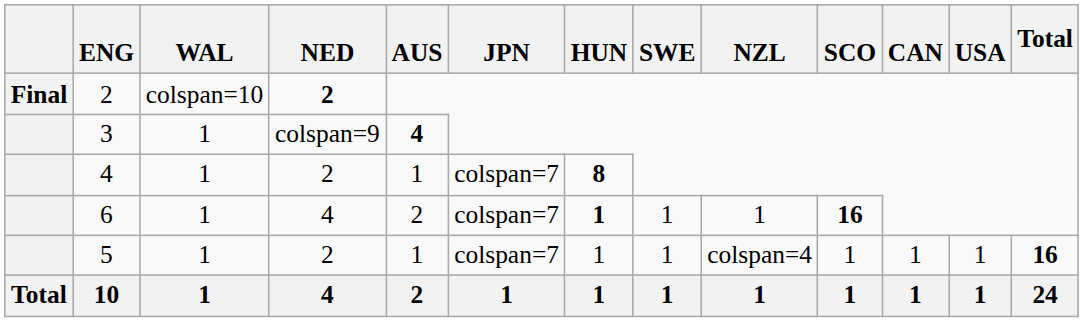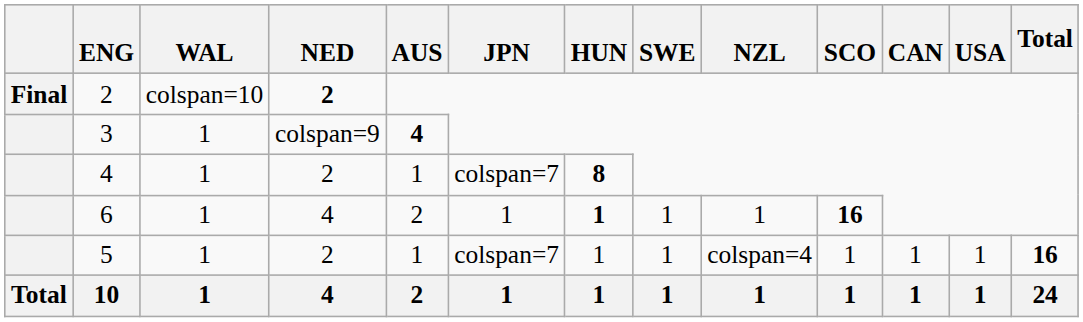 <table class="wikitable">
 <tr>
 <th></th>
 <th><br>ENG</th>
 <th><br>WAL</th>
 <th><br>NED</th>
 <th><br>AUS</th>
 <th><br>JPN</th>
 <th><br>HUN</th>
 <th><br>SWE</th>
 <th><br>NZL</th>
 <th><br>SCO</th>
 <th><br>CAN</th>
 <th><br>USA</th>
 <th>Total</th>
 </tr>
 <tr align="center">
 <th>Final</th>
 <td>2</td>
 <td>colspan=10 </td>
 <td><strong>2</strong></td>
 </tr>
 <tr align="center">
 <th></th>
 <td>3</td>
 <td>1</td>
 <td>colspan=9 </td>
 <td><strong>4</strong></td>
 </tr>
 <tr align="center">
 <th></th>
 <td>4</td>
 <td>1</td>
 <td>2</td>
 <td>1</td>
 <td>colspan=7 </td>
 <td><strong>8</strong></td>
 </tr>
 <tr align="center">
 <th></th>
 <td>6</td>
 <td>1</td>
 <td>4</td>
 <td>2</td>
-<td>colspan=7 </td>
+<td>1</td>
 <td><strong>1</strong></td>
 <td>1</td>
 <td>1</td>
 <td><strong>16</strong></td>
 </tr>
 <tr align="center">
 <th></th>
 <td>5</td>
 <td>1</td>
 <td>2</td>
 <td>1</td>
 <td>colspan=7 </td>
 <td>1</td>
 <td>1</td>
 <td>colspan=4 </td>
 <td>1</td>
 <td>1</td>
 <td>1</td>
 <td><strong>16</strong></td>
 </tr>
 <tr align="center">
 <th>Total</th>
 <th>10</th>
 <th>1</th>
 <th>4</th>
 <th>2</th>
 <th>1</th>
 <th>1</th>
 <th>1</th>
 <th>1</th>
 <th>1</th>
 <th>1</th>
 <th>1</th>
 <th>24</th>
 </tr>
 </table>
